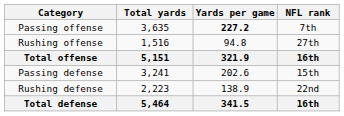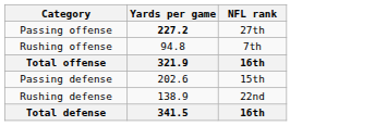 <table class="wikitable" style="text-align:center">
 <tr>
 <th width=150px>Category</th>
-<th width=100px>Total yards</th>
 <th width=110px>Yards per game</th>
 <th width=80px>NFL rank<br></th>
 </tr>
 <tr>
 <td>Passing offense</td>
-<td>3,635</td>
 <td><strong>227.2</strong></td>
+<td>27th</td>
+</tr>
+<tr>
+<td>Rushing offense</td>
+<td>94.8</td>
 <td>7th</td>
 </tr>
 <tr>
-<td>Rushing offense</td>
-<td>1,516</td>
-<td>94.8</td>
-<td>27th</td>
-</tr>
-<tr>
 <th>Total offense</th>
-<th>5,151</th>
 <th>321.9</th>
 <th>16th</th>
 </tr>
 <tr>
 <td>Passing defense</td>
-<td>3,241</td>
 <td>202.6</td>
 <td>15th</td>
 </tr>
 <tr>
 <td>Rushing defense</td>
-<td>2,223</td>
 <td>138.9</td>
 <td>22nd</td>
 </tr>
 <tr>
 <th>Total defense</th>
-<th>5,464</th>
 <th>341.5</th>
 <th>16th</th>
 </tr>
 </table>
